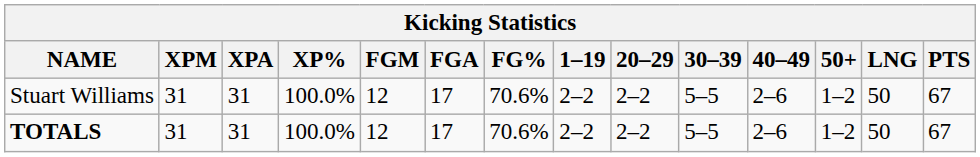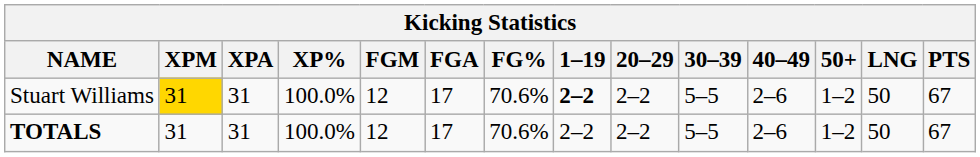 <table class="wikitable sortable collapsible collapsed">
 <tr>
 <th colspan="16">Kicking Statistics</th>
 </tr>
 <tr>
 <th>NAME</th>
 <th>XPM</th>
 <th>XPA</th>
 <th>XP%</th>
 <th>FGM</th>
 <th>FGA</th>
 <th>FG%</th>
 <th>1–19</th>
 <th>20–29</th>
 <th>30–39</th>
 <th>40–49</th>
 <th>50+</th>
 <th>LNG</th>
 <th>PTS</th>
 </tr>
 <tr>
 <td>Stuart Williams</td>
-<td>31</td>
+<td style="background: gold;">31</td>
 <td>31</td>
 <td>100.0%</td>
 <td>12</td>
 <td>17</td>
 <td>70.6%</td>
-<td>2–2</td>
+<td><strong>2–2</strong></td>
 <td>2–2</td>
 <td>5–5</td>
 <td>2–6</td>
 <td>1–2</td>
 <td>50</td>
 <td>67</td>
 </tr>
 <tr>
 <td><strong>TOTALS</strong></td>
 <td>31</td>
 <td>31</td>
 <td>100.0%</td>
 <td>12</td>
 <td>17</td>
 <td>70.6%</td>
 <td>2–2</td>
 <td>2–2</td>
 <td>5–5</td>
 <td>2–6</td>
 <td>1–2</td>
 <td>50</td>
 <td>67</td>
 </tr>
 </table>
